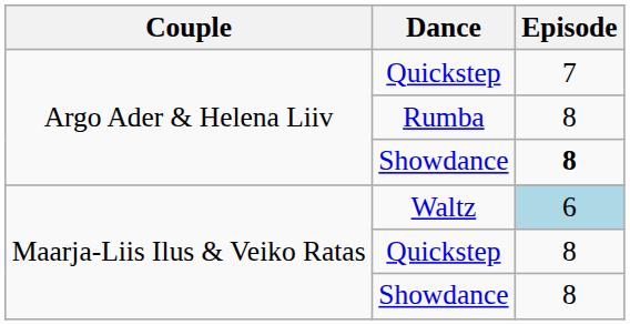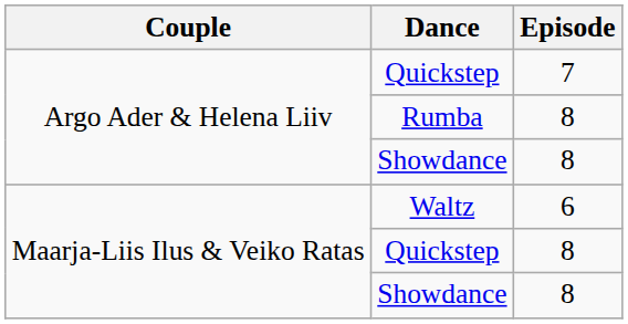 <table class="wikitable">
 <tr>
 <th>Couple</th>
 <th>Dance</th>
 <th>Episode</th>
 </tr>
 <tr -->
 <td align="center" rowspan="3">Argo Ader & Helena Liiv</td>
 <td align="center"><a href='#'>Quickstep</a></td>
 <td align="center">7</td>
 </tr>
 <tr>
 <td align="center"><a href='#'>Rumba</a></td>
 <td align="center">8</td>
 </tr>
 <tr>
 <td align="center"><a href='#'>Showdance</a></td>
-<td align="center"><strong>8</strong></td>
+<td align="center">8</td>
 </tr>
 <tr>
 <td align="center" rowspan="3">Maarja-Liis Ilus & Veiko Ratas</td>
 <td align="center"><a href='#'>Waltz</a></td>
-<td align="center" style="background: lightblue;">6</td>
+<td align="center">6</td>
 </tr>
 <tr>
 <td align="center"><a href='#'>Quickstep</a></td>
 <td align="center">8</td>
 </tr>
 <tr>
 <td align="center"><a href='#'>Showdance</a></td>
 <td align="center">8</td>
 </tr>
 </table>
